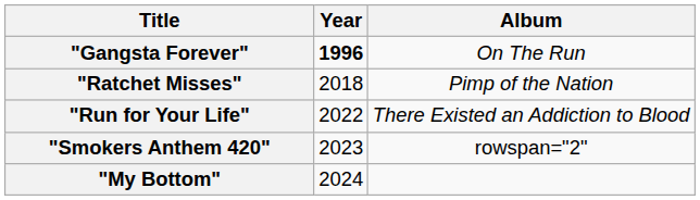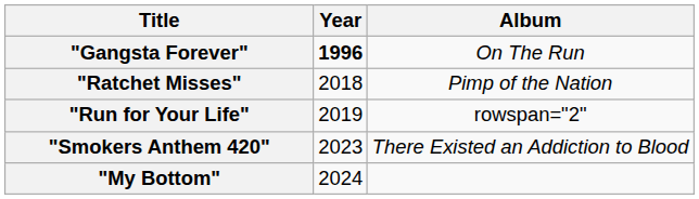 <table class="wikitable plainrowheaders" style="text-align:center;">
 <tr>
 <th scope="col" style="width:15em;">Title</th>
 <th scope="col">Year</th>
 <th scope="col">Album</th>
 </tr>
 <tr>
 <th scope="row">"Gangsta Forever"<br></th>
 <td><strong>1996</strong></td>
 <td rowspan="1"><em>On The Run</em></td>
 </tr>
 <tr>
 <th scope="row">"Ratchet Misses"<br></th>
 <td>2018</td>
 <td rowspan="1"><em>Pimp of the Nation</em></td>
 </tr>
 <tr>
 <th scope="row">"Run for Your Life"<br></th>
-<td>2022</td>
-<td rowspan="1"><em>There Existed an Addiction to Blood</em></td>
+<td>2019</td>
+<td>rowspan="2"</td>
 </tr>
 <tr>
 <th scope="row">"Smokers Anthem 420"<br></th>
 <td>2023</td>
-<td>rowspan="2"</td>
+<td rowspan="1"><em>There Existed an Addiction to Blood</em></td>
 </tr>
 <tr>
 <th scope="row">"My Bottom"<br></th>
 <td>2024</td>
 </tr>
 </table>
